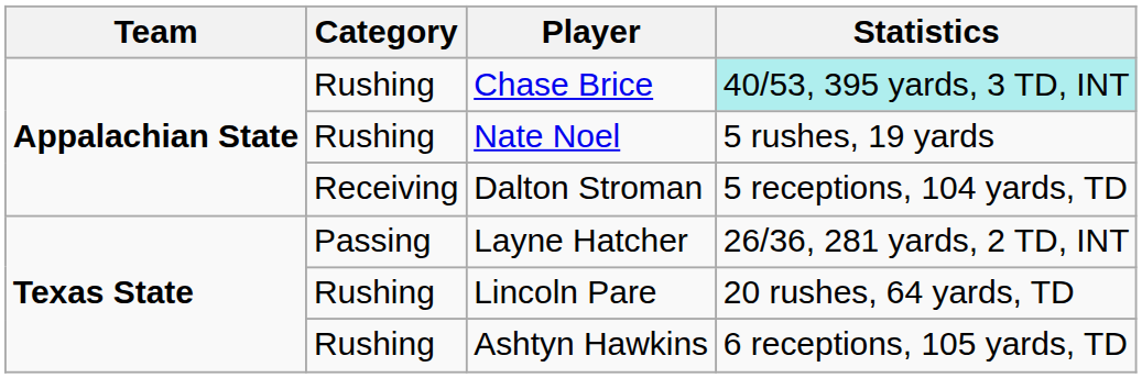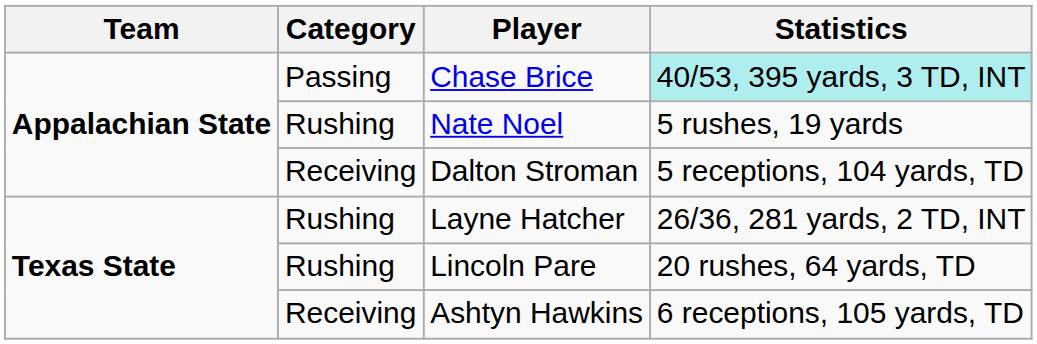 <table class="wikitable" style="float: left;">
 <tr>
 <th>Team</th>
 <th>Category</th>
 <th>Player</th>
 <th>Statistics</th>
 </tr>
 <tr>
 <td rowspan=3><strong>Appalachian State</strong></td>
-<td>Rushing</td>
+<td>Passing</td>
 <td><a href='#'>Chase Brice</a></td>
 <td style="background: paleturquoise;">40/53, 395 yards, 3 TD, INT</td>
 </tr>
 <tr>
 <td>Rushing</td>
 <td><a href='#'>Nate Noel</a></td>
 <td>5 rushes, 19 yards</td>
 </tr>
 <tr>
 <td>Receiving</td>
 <td>Dalton Stroman</td>
 <td>5 receptions, 104 yards, TD</td>
 </tr>
 <tr>
 <td rowspan=3><strong>Texas State</strong></td>
-<td>Passing</td>
+<td>Rushing</td>
 <td>Layne Hatcher</td>
 <td>26/36, 281 yards, 2 TD, INT</td>
 </tr>
 <tr>
 <td>Rushing</td>
 <td>Lincoln Pare</td>
 <td>20 rushes, 64 yards, TD</td>
 </tr>
 <tr>
-<td>Rushing</td>
+<td>Receiving</td>
 <td>Ashtyn Hawkins</td>
 <td>6 receptions, 105 yards, TD</td>
 </tr>
 </table>
